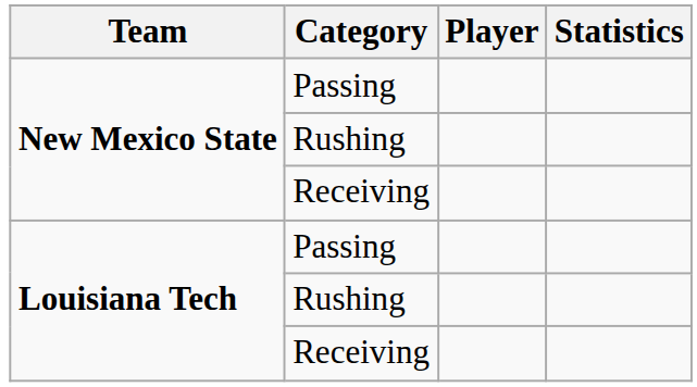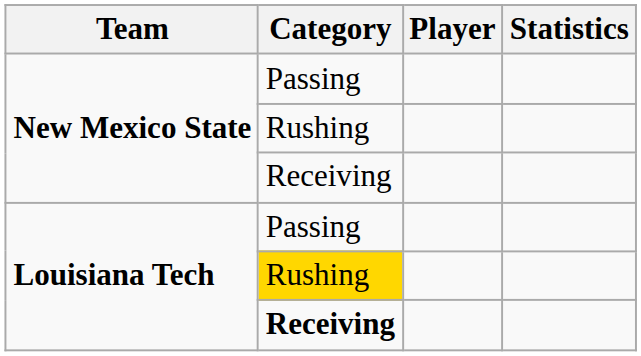 <table class="wikitable" style="float: right;">
 <tr>
 <th>Team</th>
 <th>Category</th>
 <th>Player</th>
 <th>Statistics</th>
 </tr>
 <tr>
 <td rowspan=3><strong>New Mexico State</strong></td>
 <td>Passing</td>
 <td></td>
 <td></td>
 </tr>
 <tr>
 <td>Rushing</td>
 <td></td>
 <td></td>
 </tr>
 <tr>
 <td>Receiving</td>
 <td></td>
 <td></td>
 </tr>
 <tr>
 <td rowspan=3><strong>Louisiana Tech</strong></td>
 <td>Passing</td>
 <td></td>
 <td></td>
 </tr>
 <tr>
-<td>Rushing</td>
+<td style="background: gold;">Rushing</td>
 <td></td>
 <td></td>
 </tr>
 <tr>
-<td>Receiving</td>
+<td><strong>Receiving</strong></td>
 <td></td>
 <td></td>
 </tr>
 </table>
